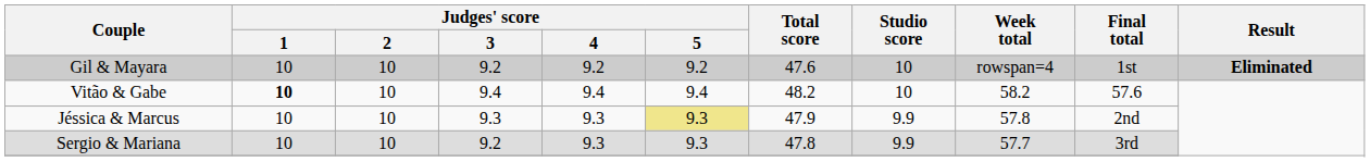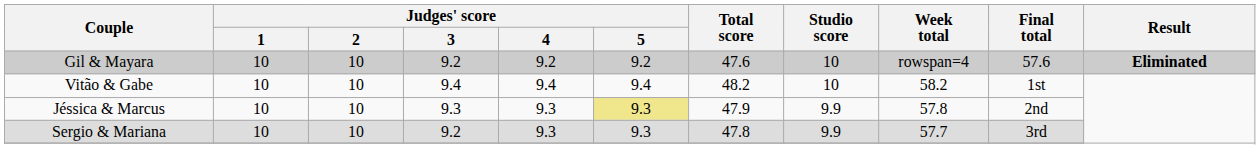 <table class="wikitable" style="font-size:100%; line-height:16px; text-align:center" width="100%">
 <tr>
 <th rowspan=2 width="11.0%">Couple</th>
 <th colspan=5 width="25.0%">Judges' score</th>
 <th rowspan=2 width="05.0%">Total<br>score</th>
 <th rowspan=2 width="05.0%">Studio<br>score</th>
 <th rowspan=2 width="05.0%">Week<br>total</th>
 <th rowspan=2 width="05.0%">Final<br>total</th>
 <th rowspan=2 width="09.0%">Result</th>
 </tr>
 <tr>
 <th width="05.0%">1</th>
 <th width="05.0%">2</th>
 <th width="05.0%">3</th>
 <th width="05.0%">4</th>
 <th width="05.0%">5</th>
 </tr>
 <tr bgcolor="CCCCCC">
 <td>Gil & Mayara</td>
 <td>10</td>
 <td>10</td>
 <td>9.2</td>
 <td>9.2</td>
 <td>9.2</td>
 <td>47.6</td>
 <td>10</td>
 <td>rowspan=4 </td>
-<td>1st</td>
+<td>57.6</td>
 <td><strong>Eliminated</strong></td>
 </tr>
 <tr>
 <td>Vitão & Gabe</td>
-<td><strong>10</strong></td>
+<td>10</td>
 <td>10</td>
 <td>9.4</td>
 <td>9.4</td>
 <td>9.4</td>
 <td>48.2</td>
 <td>10</td>
 <td>58.2</td>
-<td>57.6</td>
+<td>1st</td>
 </tr>
 <tr>
 <td>Jéssica & Marcus</td>
 <td>10</td>
 <td>10</td>
 <td>9.3</td>
 <td>9.3</td>
 <td style="background: khaki;">9.3</td>
 <td>47.9</td>
 <td>9.9</td>
 <td>57.8</td>
 <td>2nd</td>
 </tr>
 <tr bgcolor=DDDDDD>
 <td>Sergio & Mariana</td>
 <td>10</td>
 <td>10</td>
 <td>9.2</td>
 <td>9.3</td>
 <td>9.3</td>
 <td>47.8</td>
 <td>9.9</td>
 <td>57.7</td>
 <td>3rd</td>
 </tr>
 <tr>
 </tr>
 </table>
